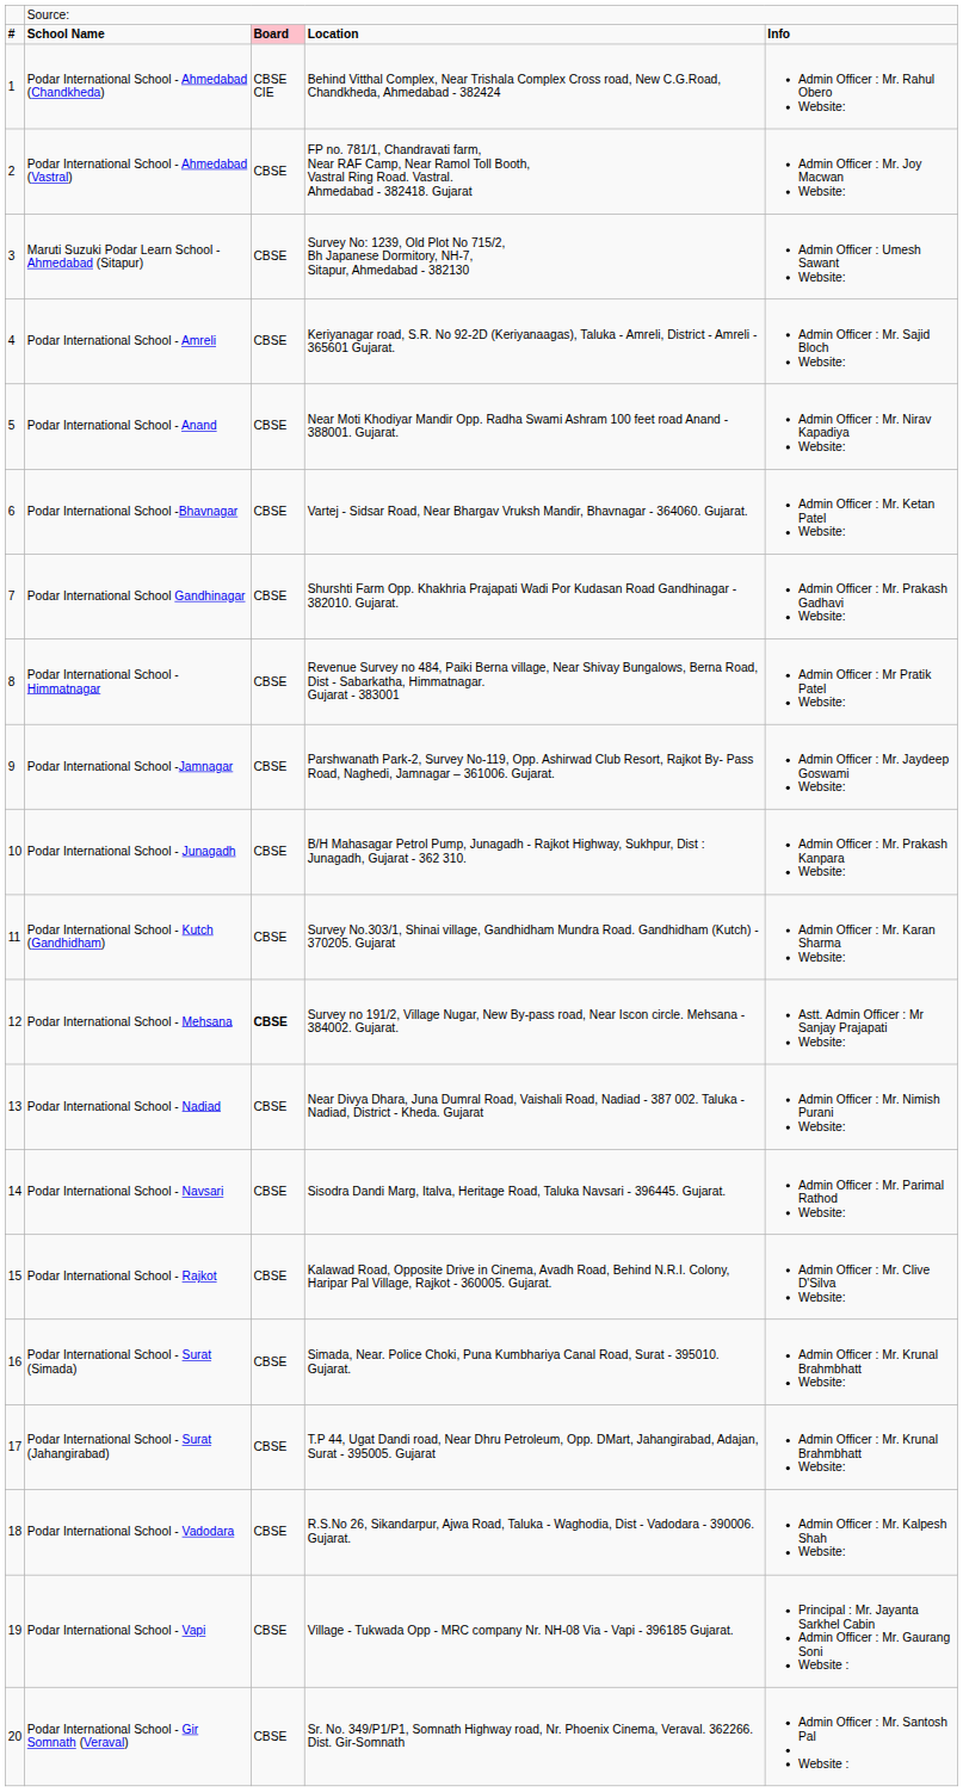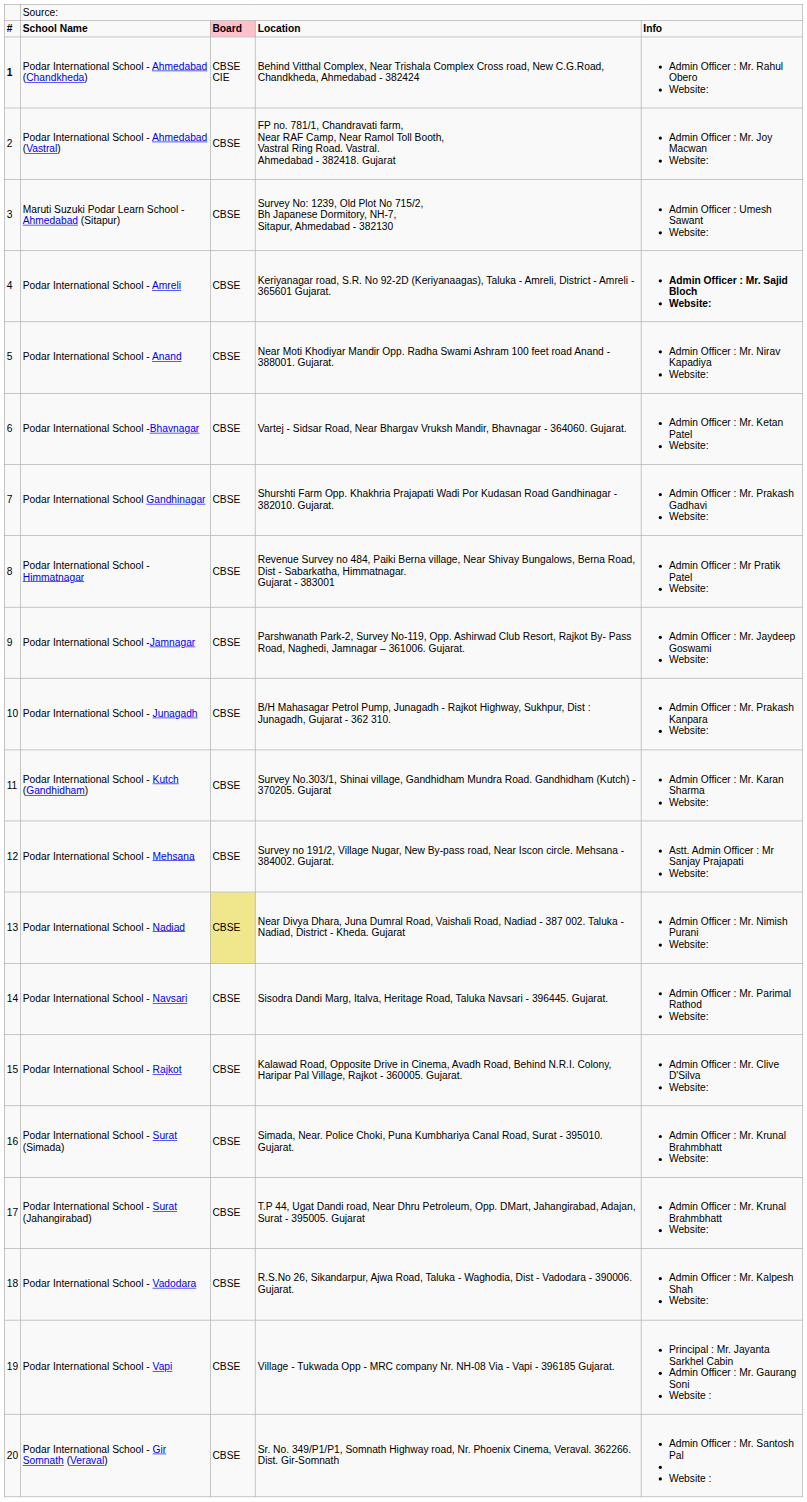 <table class="wikitable">
 <tr>
 <td></td>
 <td colspan="4">Source:</td>
 </tr>
 <tr>
 <td><strong>#</strong></td>
 <td><strong>School Name</strong></td>
 <td style="background: pink;"><strong>Board</strong></td>
 <td><strong>Location</strong></td>
 <td><strong>Info</strong></td>
 </tr>
 <tr>
-<td>1</td>
+<td><strong>1</strong></td>
 <td>Podar International School - <a href='#'>Ahmedabad</a> (<a href='#'>Chandkheda</a>)</td>
 <td>CBSE CIE</td>
 <td>Behind Vitthal Complex, Near Trishala Complex Cross road, New C.G.Road, Chandkheda, Ahmedabad - 382424</td>
 <td><br><ul><li>Admin Officer : Mr. Rahul Obero</li><li>Website:</li></ul></td>
 </tr>
 <tr>
 <td>2</td>
 <td>Podar International School - <a href='#'>Ahmedabad</a> (<a href='#'>Vastral</a>)</td>
 <td>CBSE</td>
 <td>FP no. 781/1, Chandravati farm,<br>Near RAF Camp, Near Ramol Toll Booth,<br>Vastral Ring Road. Vastral.<br>Ahmedabad - 382418. Gujarat</td>
 <td><br><ul><li>Admin Officer : Mr. Joy Macwan</li><li>Website:</li></ul></td>
 </tr>
 <tr>
 <td>3</td>
 <td>Maruti Suzuki Podar Learn School - <a href='#'>Ahmedabad</a> (Sitapur)</td>
 <td>CBSE</td>
 <td>Survey No: 1239, Old Plot No 715/2,<br>Bh Japanese Dormitory, NH-7,<br>Sitapur, Ahmedabad - 382130</td>
 <td><br><ul><li>Admin Officer : Umesh Sawant</li><li>Website:</li></ul></td>
 </tr>
 <tr>
 <td>4</td>
 <td>Podar International School - <a href='#'>Amreli</a></td>
 <td>CBSE</td>
 <td>Keriyanagar road, S.R. No 92-2D (Keriyanaagas), Taluka - Amreli, District - Amreli - 365601 Gujarat.</td>
-<td><br><ul><li>Admin Officer : Mr. Sajid Bloch</li><li>Website:</li></ul></td>
+<td><strong><br><ul><li>Admin Officer : Mr. Sajid Bloch</li><li>Website:</li></ul></strong></td>
 </tr>
 <tr>
 <td>5</td>
 <td>Podar International School - <a href='#'>Anand</a></td>
 <td>CBSE</td>
 <td>Near Moti Khodiyar Mandir Opp. Radha Swami Ashram 100 feet road Anand - 388001. Gujarat.</td>
 <td><br><ul><li>Admin Officer : Mr. Nirav Kapadiya</li><li>Website:</li></ul></td>
 </tr>
 <tr>
 <td>6</td>
 <td>Podar International School -<a href='#'>Bhavnagar</a></td>
 <td>CBSE</td>
 <td>Vartej - Sidsar Road, Near Bhargav Vruksh Mandir, Bhavnagar - 364060. Gujarat.</td>
 <td><br><ul><li>Admin Officer : Mr. Ketan Patel</li><li>Website:</li></ul></td>
 </tr>
 <tr>
 <td>7</td>
 <td>Podar International School <a href='#'>Gandhinagar</a></td>
 <td>CBSE</td>
 <td>Shurshti Farm Opp. Khakhria Prajapati Wadi Por Kudasan Road Gandhinagar - 382010. Gujarat.</td>
 <td><br><ul><li>Admin Officer : Mr. Prakash Gadhavi</li><li>Website:</li></ul></td>
 </tr>
 <tr>
 <td>8</td>
 <td>Podar International School - <a href='#'>Himmatnagar</a></td>
 <td>CBSE</td>
 <td>Revenue Survey no 484, Paiki Berna village, Near Shivay Bungalows, Berna Road, Dist - Sabarkatha, Himmatnagar.<br>Gujarat - 383001</td>
 <td><br><ul><li>Admin Officer : Mr Pratik Patel</li><li>Website:</li></ul></td>
 </tr>
 <tr>
 <td>9</td>
 <td>Podar International School -<a href='#'>Jamnagar</a></td>
 <td>CBSE</td>
 <td>Parshwanath Park-2, Survey No-119, Opp. Ashirwad Club Resort, Rajkot By- Pass Road, Naghedi, Jamnagar – 361006. Gujarat.</td>
 <td><br><ul><li>Admin Officer : Mr. Jaydeep Goswami</li><li>Website:</li></ul></td>
 </tr>
 <tr>
 <td>10</td>
 <td>Podar International School - <a href='#'>Junagadh</a></td>
 <td>CBSE</td>
 <td>B/H Mahasagar Petrol Pump, Junagadh - Rajkot Highway, Sukhpur, Dist : Junagadh, Gujarat - 362 310.</td>
 <td><br><ul><li>Admin Officer : Mr. Prakash Kanpara</li><li>Website:</li></ul></td>
 </tr>
 <tr>
 <td>11</td>
 <td>Podar International School - <a href='#'>Kutch</a> (<a href='#'>Gandhidham</a>)</td>
 <td>CBSE</td>
 <td>Survey No.303/1, Shinai village, Gandhidham Mundra Road. Gandhidham (Kutch) - 370205. Gujarat</td>
 <td><br><ul><li>Admin Officer : Mr. Karan Sharma</li><li>Website:</li></ul></td>
 </tr>
 <tr>
 <td>12</td>
 <td>Podar International School - <a href='#'>Mehsana</a></td>
-<td><strong>CBSE</strong></td>
+<td>CBSE</td>
 <td>Survey no 191/2, Village Nugar, New By-pass road, Near Iscon circle. Mehsana - 384002. Gujarat.</td>
 <td><br><ul><li>Astt. Admin Officer : Mr Sanjay Prajapati</li><li>Website:</li></ul></td>
 </tr>
 <tr>
 <td>13</td>
 <td>Podar International School - <a href='#'>Nadiad</a></td>
-<td>CBSE</td>
+<td style="background: khaki;">CBSE</td>
 <td>Near Divya Dhara, Juna Dumral Road, Vaishali Road, Nadiad - 387 002. Taluka - Nadiad, District - Kheda. Gujarat</td>
 <td><br><ul><li>Admin Officer : Mr. Nimish Purani</li><li>Website:</li></ul></td>
 </tr>
 <tr>
 <td>14</td>
 <td>Podar International School - <a href='#'>Navsari</a></td>
 <td>CBSE</td>
 <td>Sisodra Dandi Marg, Italva, Heritage Road, Taluka Navsari - 396445. Gujarat.</td>
 <td><br><ul><li>Admin Officer : Mr. Parimal Rathod</li><li>Website:</li></ul></td>
 </tr>
 <tr>
 <td>15</td>
 <td>Podar International School - <a href='#'>Rajkot</a></td>
 <td>CBSE</td>
 <td>Kalawad Road, Opposite Drive in Cinema, Avadh Road, Behind N.R.I. Colony, Haripar Pal Village, Rajkot - 360005. Gujarat.</td>
 <td><br><ul><li>Admin Officer : Mr. Clive D'Silva</li><li>Website:</li></ul></td>
 </tr>
 <tr>
 <td>16</td>
 <td>Podar International School - <a href='#'>Surat</a> (Simada)</td>
 <td>CBSE</td>
 <td>Simada, Near. Police Choki, Puna Kumbhariya Canal Road, Surat - 395010. Gujarat.</td>
 <td><br><ul><li>Admin Officer : Mr. Krunal Brahmbhatt</li><li>Website:</li></ul></td>
 </tr>
 <tr>
 <td>17</td>
 <td>Podar International School - <a href='#'>Surat</a> (Jahangirabad)</td>
 <td>CBSE</td>
 <td>T.P 44, Ugat Dandi road, Near Dhru Petroleum, Opp. DMart, Jahangirabad, Adajan, Surat - 395005. Gujarat</td>
 <td><br><ul><li>Admin Officer : Mr. Krunal Brahmbhatt</li><li>Website:</li></ul></td>
 </tr>
 <tr>
 <td>18</td>
 <td>Podar International School - <a href='#'>Vadodara</a></td>
 <td>CBSE</td>
 <td>R.S.No 26, Sikandarpur, Ajwa Road, Taluka - Waghodia, Dist - Vadodara - 390006. Gujarat.</td>
 <td><br><ul><li>Admin Officer : Mr. Kalpesh Shah</li><li>Website:</li></ul></td>
 </tr>
 <tr>
 <td>19</td>
 <td>Podar International School - <a href='#'>Vapi</a></td>
 <td>CBSE</td>
 <td>Village - Tukwada Opp - MRC company Nr. NH-08 Via - Vapi - 396185 Gujarat.</td>
 <td><br><ul><li>Principal : Mr. Jayanta Sarkhel Cabin</li><li>Admin Officer : Mr. Gaurang Soni</li><li>Website :</li></ul></td>
 </tr>
 <tr>
 <td>20</td>
 <td>Podar International School - <a href='#'>Gir Somnath</a> (<a href='#'>Veraval</a>)</td>
 <td>CBSE</td>
 <td>Sr. No. 349/P1/P1, Somnath Highway road, Nr. Phoenix Cinema, Veraval. 362266. Dist. Gir-Somnath</td>
 <td><br><ul><li>Admin Officer : Mr. Santosh Pal</li><li></li><li>Website :</li></ul></td>
 </tr>
 </table>
